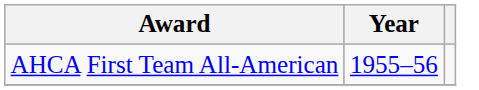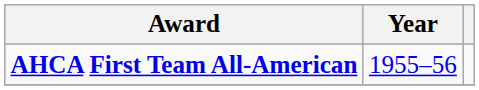 <table class="wikitable">
 <tr>
 <th>Award</th>
 <th>Year</th>
 <th></th>
 </tr>
 <tr>
-<td><a href='#'>AHCA</a> <a href='#'>First Team All-American</a></td>
+<td><strong><a href='#'>AHCA</a> <a href='#'>First Team All-American</a></strong></td>
 <td><a href='#'>1955–56</a></td>
 <td></td>
 </tr>
 <tr>
 </tr>
 </table>
